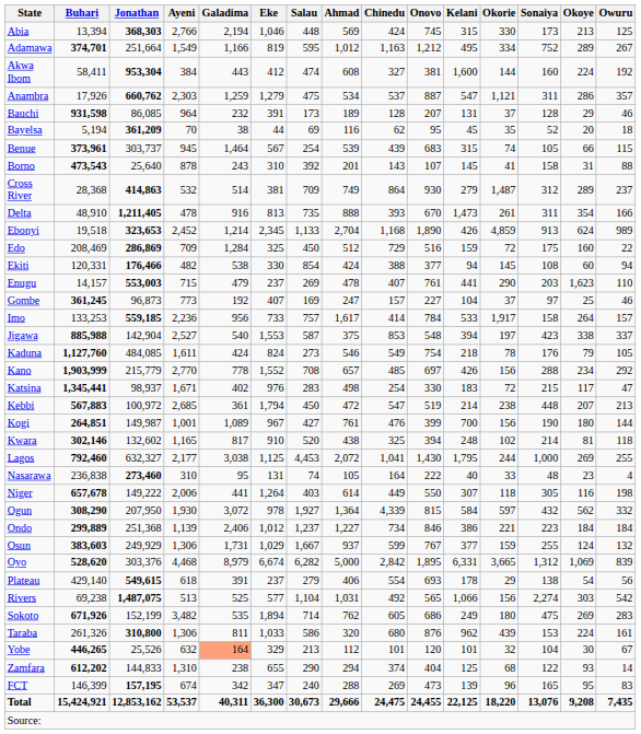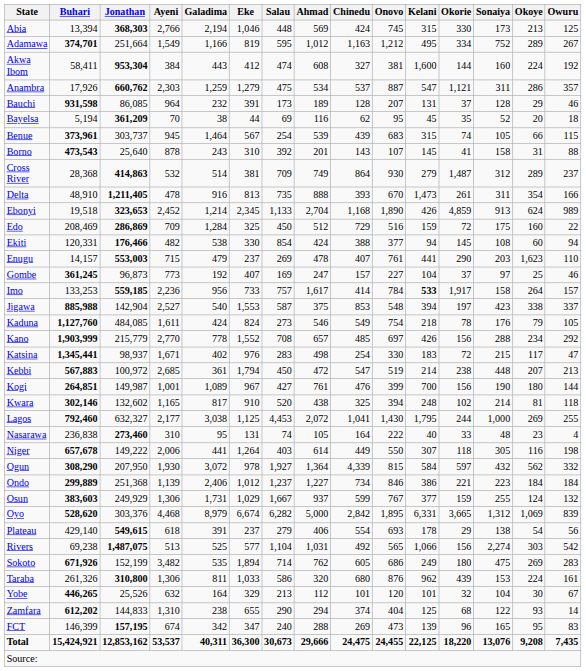 <table class="wikitable sortable" style="text-align:right">
 <tr>
 <th>State</th>
 <th><a href='#'>Buhari</a></th>
 <th><a href='#'>Jonathan</a></th>
 <th>Ayeni</th>
 <th>Galadima</th>
 <th>Eke</th>
 <th>Salau</th>
 <th>Ahmad</th>
 <th>Chinedu</th>
 <th>Onovo</th>
 <th>Kelani</th>
 <th>Okorie</th>
 <th>Sonaiya</th>
 <th>Okoye</th>
 <th>Owuru</th>
 </tr>
 <tr>
 <td align=left><a href='#'>Abia</a></td>
 <td>13,394</td>
 <td><strong>368,303</strong></td>
 <td>2,766</td>
 <td>2,194</td>
 <td>1,046</td>
 <td>448</td>
 <td>569</td>
 <td>424</td>
 <td>745</td>
 <td>315</td>
 <td>330</td>
 <td>173</td>
 <td>213</td>
 <td>125</td>
 </tr>
 <tr>
 <td align=left><a href='#'>Adamawa</a></td>
 <td><strong>374,701</strong></td>
 <td>251,664</td>
 <td>1,549</td>
 <td>1,166</td>
 <td>819</td>
 <td>595</td>
 <td>1,012</td>
 <td>1,163</td>
 <td>1,212</td>
 <td>495</td>
 <td>334</td>
 <td>752</td>
 <td>289</td>
 <td>267</td>
 </tr>
 <tr>
 <td align=left><a href='#'>Akwa Ibom</a></td>
 <td>58,411</td>
 <td><strong>953,304</strong></td>
 <td>384</td>
 <td>443</td>
 <td>412</td>
 <td>474</td>
 <td>608</td>
 <td>327</td>
 <td>381</td>
 <td>1,600</td>
 <td>144</td>
 <td>160</td>
 <td>224</td>
 <td>192</td>
 </tr>
 <tr>
 <td align=left><a href='#'>Anambra</a></td>
 <td>17,926</td>
 <td><strong>660,762</strong></td>
 <td>2,303</td>
 <td>1,259</td>
 <td>1,279</td>
 <td>475</td>
 <td>534</td>
 <td>537</td>
 <td>887</td>
 <td>547</td>
 <td>1,121</td>
 <td>311</td>
 <td>286</td>
 <td>357</td>
 </tr>
 <tr>
 <td align=left><a href='#'>Bauchi</a></td>
 <td><strong>931,598 </strong></td>
 <td>86,085</td>
 <td>964</td>
 <td>232</td>
 <td>391</td>
 <td>173</td>
 <td>189</td>
 <td>128</td>
 <td>207</td>
 <td>131</td>
 <td>37</td>
 <td>128</td>
 <td>29</td>
 <td>46</td>
 </tr>
 <tr>
 <td align=left><a href='#'>Bayelsa</a></td>
 <td>5,194</td>
 <td><strong>361,209</strong></td>
 <td>70</td>
 <td>38</td>
 <td>44</td>
 <td>69</td>
 <td>116</td>
 <td>62</td>
 <td>95</td>
 <td>45</td>
 <td>35</td>
 <td>52</td>
 <td>20</td>
 <td>18</td>
 </tr>
 <tr>
 <td align=left><a href='#'>Benue</a></td>
 <td><strong>373,961</strong></td>
 <td>303,737</td>
 <td>945</td>
 <td>1,464</td>
 <td>567</td>
 <td>254</td>
 <td>539</td>
 <td>439</td>
 <td>683</td>
 <td>315</td>
 <td>74</td>
 <td>105</td>
 <td>66</td>
 <td>115</td>
 </tr>
 <tr>
 <td align=left><a href='#'>Borno</a></td>
 <td><strong>473,543</strong></td>
 <td>25,640</td>
 <td>878</td>
 <td>243</td>
 <td>310</td>
 <td>392</td>
 <td>201</td>
 <td>143</td>
 <td>107</td>
 <td>145</td>
 <td>41</td>
 <td>158</td>
 <td>31</td>
 <td>88</td>
 </tr>
 <tr>
 <td align=left><a href='#'>Cross River</a></td>
 <td>28,368</td>
 <td><strong>414,863</strong></td>
 <td>532</td>
 <td>514</td>
 <td>381</td>
 <td>709</td>
 <td>749</td>
 <td>864</td>
 <td>930</td>
 <td>279</td>
 <td>1,487</td>
 <td>312</td>
 <td>289</td>
 <td>237</td>
 </tr>
 <tr>
 <td align=left><a href='#'>Delta</a></td>
 <td>48,910</td>
 <td><strong>1,211,405</strong></td>
 <td>478</td>
 <td>916</td>
 <td>813</td>
 <td>735</td>
 <td>888</td>
 <td>393</td>
 <td>670</td>
 <td>1,473</td>
 <td>261</td>
 <td>311</td>
 <td>354</td>
 <td>166</td>
 </tr>
 <tr>
 <td align=left><a href='#'>Ebonyi</a></td>
 <td>19,518</td>
 <td><strong>323,653</strong></td>
 <td>2,452</td>
 <td>1,214</td>
 <td>2,345</td>
 <td>1,133</td>
 <td>2,704</td>
 <td>1,168</td>
 <td>1,890</td>
 <td>426</td>
 <td>4,859</td>
 <td>913</td>
 <td>624</td>
 <td>989</td>
 </tr>
 <tr>
 <td align=left><a href='#'>Edo</a></td>
 <td>208,469</td>
 <td><strong>286,869</strong></td>
 <td>709</td>
 <td>1,284</td>
 <td>325</td>
 <td>450</td>
 <td>512</td>
 <td>729</td>
 <td>516</td>
 <td>159</td>
 <td>72</td>
 <td>175</td>
 <td>160</td>
 <td>22</td>
 </tr>
 <tr>
 <td align=left><a href='#'>Ekiti</a></td>
 <td>120,331</td>
 <td><strong>176,466</strong></td>
 <td>482</td>
 <td>538</td>
 <td>330</td>
 <td>854</td>
 <td>424</td>
 <td>388</td>
 <td>377</td>
 <td>94</td>
 <td>145</td>
 <td>108</td>
 <td>60</td>
 <td>94</td>
 </tr>
 <tr>
 <td align=left><a href='#'>Enugu</a></td>
 <td>14,157</td>
 <td><strong>553,003</strong></td>
 <td>715</td>
 <td>479</td>
 <td>237</td>
 <td>269</td>
 <td>478</td>
 <td>407</td>
 <td>761</td>
 <td>441</td>
 <td>290</td>
 <td>203</td>
 <td>1,623</td>
 <td>110</td>
 </tr>
 <tr>
 <td align=left><a href='#'>Gombe</a></td>
 <td><strong>361,245</strong></td>
 <td>96,873</td>
 <td>773</td>
 <td>192</td>
 <td>407</td>
 <td>169</td>
 <td>247</td>
 <td>157</td>
 <td>227</td>
 <td>104</td>
 <td>37</td>
 <td>97</td>
 <td>25</td>
 <td>46</td>
 </tr>
 <tr>
 <td align=left><a href='#'>Imo</a></td>
 <td>133,253</td>
 <td><strong>559,185</strong></td>
 <td>2,236</td>
 <td>956</td>
 <td>733</td>
 <td>757</td>
 <td>1,617</td>
 <td>414</td>
 <td>784</td>
-<td>533</td>
+<td><strong>533</strong></td>
 <td>1,917</td>
 <td>158</td>
 <td>264</td>
 <td>157</td>
 </tr>
 <tr>
 <td align=left><a href='#'>Jigawa</a></td>
 <td><strong>885,988</strong></td>
 <td>142,904</td>
 <td>2,527</td>
 <td>540</td>
 <td>1,553</td>
 <td>587</td>
 <td>375</td>
 <td>853</td>
 <td>548</td>
 <td>394</td>
 <td>197</td>
 <td>423</td>
 <td>338</td>
 <td>337</td>
 </tr>
 <tr>
 <td align=left><a href='#'>Kaduna</a></td>
 <td><strong>1,127,760</strong></td>
 <td>484,085</td>
 <td>1,611</td>
 <td>424</td>
 <td>824</td>
 <td>273</td>
 <td>546</td>
 <td>549</td>
 <td>754</td>
 <td>218</td>
 <td>78</td>
 <td>176</td>
 <td>79</td>
 <td>105</td>
 </tr>
 <tr>
 <td align=left><a href='#'>Kano</a></td>
 <td><strong>1,903,999</strong></td>
 <td>215,779</td>
 <td>2,770</td>
 <td>778</td>
 <td>1,552</td>
 <td>708</td>
 <td>657</td>
 <td>485</td>
 <td>697</td>
 <td>426</td>
 <td>156</td>
 <td>288</td>
 <td>234</td>
 <td>292</td>
 </tr>
 <tr>
 <td align=left><a href='#'>Katsina</a></td>
 <td><strong>1,345,441</strong></td>
 <td>98,937</td>
 <td>1,671</td>
 <td>402</td>
 <td>976</td>
 <td>283</td>
 <td>498</td>
 <td>254</td>
 <td>330</td>
 <td>183</td>
 <td>72</td>
 <td>215</td>
 <td>117</td>
 <td>47</td>
 </tr>
 <tr>
 <td align=left><a href='#'>Kebbi</a></td>
 <td><strong>567,883</strong></td>
 <td>100,972</td>
 <td>2,685</td>
 <td>361</td>
 <td>1,794</td>
 <td>450</td>
 <td>472</td>
 <td>547</td>
 <td>519</td>
 <td>214</td>
 <td>238</td>
 <td>448</td>
 <td>207</td>
 <td>213</td>
 </tr>
 <tr>
 <td align=left><a href='#'>Kogi</a></td>
 <td><strong>264,851</strong></td>
 <td>149,987</td>
 <td>1,001</td>
 <td>1,089</td>
 <td>967</td>
 <td>427</td>
 <td>761</td>
 <td>476</td>
 <td>399</td>
 <td>700</td>
 <td>156</td>
 <td>190</td>
 <td>180</td>
 <td>144</td>
 </tr>
 <tr>
 <td align=left><a href='#'>Kwara</a></td>
 <td><strong>302,146</strong></td>
 <td>132,602</td>
 <td>1,165</td>
 <td>817</td>
 <td>910</td>
 <td>520</td>
 <td>438</td>
 <td>325</td>
 <td>394</td>
 <td>248</td>
 <td>102</td>
 <td>214</td>
 <td>81</td>
 <td>118</td>
 </tr>
 <tr>
 <td align=left><a href='#'>Lagos</a></td>
 <td><strong>792,460</strong></td>
 <td>632,327</td>
 <td>2,177</td>
 <td>3,038</td>
 <td>1,125</td>
 <td>4,453</td>
 <td>2,072</td>
 <td>1,041</td>
 <td>1,430</td>
 <td>1,795</td>
 <td>244</td>
 <td>1,000</td>
 <td>269</td>
 <td>255</td>
 </tr>
 <tr>
 <td align=left><a href='#'>Nasarawa</a></td>
 <td>236,838</td>
 <td><strong>273,460</strong></td>
 <td>310</td>
 <td>95</td>
 <td>131</td>
 <td>74</td>
 <td>105</td>
 <td>164</td>
 <td>222</td>
 <td>40</td>
 <td>33</td>
 <td>48</td>
 <td>23</td>
 <td>4</td>
 </tr>
 <tr>
 <td align=left><a href='#'>Niger</a></td>
 <td><strong>657,678</strong></td>
 <td>149,222</td>
 <td>2,006</td>
 <td>441</td>
 <td>1,264</td>
 <td>403</td>
 <td>614</td>
 <td>449</td>
 <td>550</td>
 <td>307</td>
 <td>118</td>
 <td>305</td>
 <td>116</td>
 <td>198</td>
 </tr>
 <tr>
 <td align=left><a href='#'>Ogun</a></td>
 <td><strong>308,290</strong></td>
 <td>207,950</td>
 <td>1,930</td>
 <td>3,072</td>
 <td>978</td>
 <td>1,927</td>
 <td>1,364</td>
 <td>4,339</td>
 <td>815</td>
 <td>584</td>
 <td>597</td>
 <td>432</td>
 <td>562</td>
 <td>332</td>
 </tr>
 <tr>
 <td align=left><a href='#'>Ondo</a></td>
 <td><strong>299,889</strong></td>
 <td>251,368</td>
 <td>1,139</td>
 <td>2,406</td>
 <td>1,012</td>
 <td>1,237</td>
 <td>1,227</td>
 <td>734</td>
 <td>846</td>
 <td>386</td>
 <td>221</td>
 <td>223</td>
 <td>184</td>
 <td>184</td>
 </tr>
 <tr>
 <td align=left><a href='#'>Osun</a></td>
 <td><strong>383,603</strong></td>
 <td>249,929</td>
 <td>1,306</td>
 <td>1,731</td>
 <td>1,029</td>
 <td>1,667</td>
 <td>937</td>
 <td>599</td>
 <td>767</td>
 <td>377</td>
 <td>159</td>
 <td>255</td>
 <td>124</td>
 <td>132</td>
 </tr>
 <tr>
 <td align=left><a href='#'>Oyo</a></td>
 <td><strong>528,620</strong></td>
 <td>303,376</td>
 <td>4,468</td>
 <td>8,979</td>
 <td>6,674</td>
 <td>6,282</td>
 <td>5,000</td>
 <td>2,842</td>
 <td>1,895</td>
 <td>6,331</td>
 <td>3,665</td>
 <td>1,312</td>
 <td>1,069</td>
 <td>839</td>
 </tr>
 <tr>
 <td align=left><a href='#'>Plateau</a></td>
 <td>429,140</td>
 <td><strong>549,615</strong></td>
 <td>618</td>
 <td>391</td>
 <td>237</td>
 <td>279</td>
 <td>406</td>
 <td>554</td>
 <td>693</td>
 <td>178</td>
 <td>29</td>
 <td>138</td>
 <td>54</td>
 <td>56</td>
 </tr>
 <tr>
 <td align=left><a href='#'>Rivers</a></td>
 <td>69,238</td>
 <td><strong>1,487,075</strong></td>
 <td>513</td>
 <td>525</td>
 <td>577</td>
 <td>1,104</td>
 <td>1,031</td>
 <td>492</td>
 <td>565</td>
 <td>1,066</td>
 <td>156</td>
 <td>2,274</td>
 <td>303</td>
 <td>542</td>
 </tr>
 <tr>
 <td align=left><a href='#'>Sokoto</a></td>
 <td><strong>671,926</strong></td>
 <td>152,199</td>
 <td>3,482</td>
 <td>535</td>
 <td>1,894</td>
 <td>714</td>
 <td>762</td>
 <td>605</td>
 <td>686</td>
 <td>249</td>
 <td>180</td>
 <td>475</td>
 <td>269</td>
 <td>283</td>
 </tr>
 <tr>
 <td align=left><a href='#'>Taraba</a></td>
 <td>261,326</td>
 <td><strong>310,800</strong></td>
 <td>1,306</td>
 <td>811</td>
 <td>1,033</td>
 <td>586</td>
 <td>320</td>
 <td>680</td>
 <td>876</td>
 <td>962</td>
 <td>439</td>
 <td>153</td>
 <td>224</td>
 <td>161</td>
 </tr>
 <tr>
 <td align=left><a href='#'>Yobe</a></td>
 <td><strong>446,265</strong></td>
 <td>25,526</td>
 <td>632</td>
-<td style="background: lightsalmon;">164</td>
+<td>164</td>
 <td>329</td>
 <td>213</td>
 <td>112</td>
 <td>101</td>
 <td>120</td>
 <td>101</td>
 <td>32</td>
 <td>104</td>
 <td>30</td>
 <td>67</td>
 </tr>
 <tr>
 <td align=left><a href='#'>Zamfara</a></td>
 <td><strong>612,202</strong></td>
 <td>144,833</td>
 <td>1,310</td>
 <td>238</td>
 <td>655</td>
 <td>290</td>
 <td>294</td>
 <td>374</td>
 <td>404</td>
 <td>125</td>
 <td>68</td>
 <td>122</td>
 <td>93</td>
 <td>14</td>
 </tr>
 <tr>
 <td align=left><a href='#'>FCT</a></td>
 <td>146,399</td>
 <td><strong>157,195</strong></td>
 <td>674</td>
 <td>342</td>
 <td>347</td>
 <td>240</td>
 <td>288</td>
 <td>269</td>
 <td>473</td>
 <td>139</td>
 <td>96</td>
 <td>165</td>
 <td>95</td>
 <td>83</td>
 </tr>
 <tr>
 <td align=left><strong>Total</strong></td>
 <td><strong>15,424,921</strong></td>
 <td><strong>12,853,162</strong></td>
 <td><strong>53,537</strong></td>
 <td><strong>40,311</strong></td>
 <td><strong>36,300</strong></td>
 <td><strong>30,673</strong></td>
 <td><strong>29,666</strong></td>
 <td><strong>24,475</strong></td>
 <td><strong>24,455</strong></td>
 <td><strong>22,125</strong></td>
 <td><strong>18,220</strong></td>
 <td><strong>13,076</strong></td>
 <td><strong>9,208</strong></td>
 <td><strong>7,435</strong></td>
 </tr>
 <tr>
 <td align=left colspan=15>Source: </td>
 </tr>
 </table>
